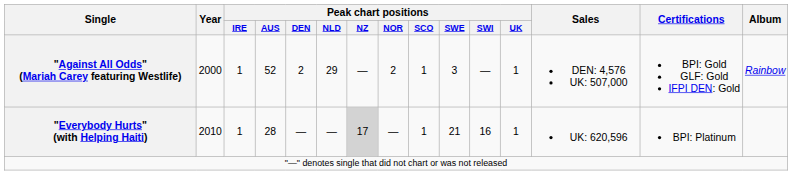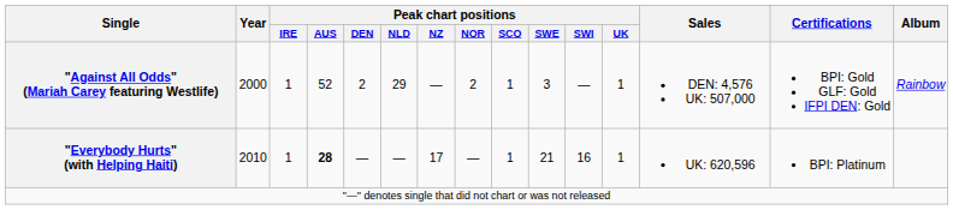 <table class="wikitable plainrowheaders" style="text-align:center;">
 <tr>
 <th scope="colw" rowspan="2" style="width:18em;">Single</th>
 <th scope="col" rowspan="2">Year</th>
 <th scope="col" colspan="10">Peak chart positions</th>
 <th scope="col" rowspan="2" style="width:10em;">Sales</th>
 <th scope="col" rowspan="2"><a href='#'>Certifications</a></th>
 <th scope="col" rowspan="2">Album</th>
 </tr>
 <tr>
 <th scope="col" style="width:3em;font-size:85%;"><a href='#'>IRE</a><br></th>
 <th scope="col" style="width:3em;font-size:85%;"><a href='#'>AUS</a><br></th>
 <th scope="col" style="width:3em;font-size:85%;"><a href='#'>DEN</a><br></th>
 <th scope="col" style="width:3em;font-size:85%;"><a href='#'>NLD</a><br></th>
 <th scope="col" style="width:3em;font-size:85%;"><a href='#'>NZ</a><br></th>
 <th scope="col" style="width:3em;font-size:85%;"><a href='#'>NOR</a><br></th>
 <th scope="col" style="width:3em;font-size:85%;"><a href='#'>SCO</a><br></th>
 <th scope="col" style="width:3em;font-size:85%;"><a href='#'>SWE</a><br></th>
 <th scope="col" style="width:3em;font-size:85%;"><a href='#'>SWI</a><br></th>
 <th scope="col" style="width:3em;font-size:85%;"><a href='#'>UK</a><br></th>
 </tr>
 <tr>
 <th scope="row">"<a href='#'>Against All Odds</a>"<br><span>(<a href='#'>Mariah Carey</a> featuring Westlife)</span></th>
 <td>2000</td>
 <td>1</td>
 <td>52</td>
 <td>2</td>
 <td>29</td>
 <td>—</td>
 <td>2</td>
 <td>1</td>
 <td>3</td>
 <td>—</td>
 <td>1</td>
 <td><br><ul><li>DEN: 4,576</li><li>UK: 507,000</li></ul></td>
 <td><br><ul><li>BPI: Gold</li><li>GLF: Gold</li><li><a href='#'>IFPI DEN</a>: Gold</li></ul></td>
 <td><em><a href='#'>Rainbow</a></em></td>
 </tr>
 <tr>
 <th scope="row">"<a href='#'>Everybody Hurts</a>"<br><span>(with <a href='#'>Helping Haiti</a>)</span></th>
 <td>2010</td>
 <td>1</td>
-<td>28</td>
+<td><strong>28</strong></td>
 <td>—</td>
 <td>—</td>
-<td style="background: lightgrey;">17</td>
+<td>17</td>
 <td>—</td>
 <td>1</td>
 <td>21</td>
 <td>16</td>
 <td>1</td>
 <td><br><ul><li>UK: 620,596</li></ul></td>
 <td><br><ul><li>BPI: Platinum</li></ul></td>
 <td></td>
 </tr>
 <tr>
 <td colspan="15" style="font-size:85%">"—" denotes single that did not chart or was not released</td>
 </tr>
 </table>
